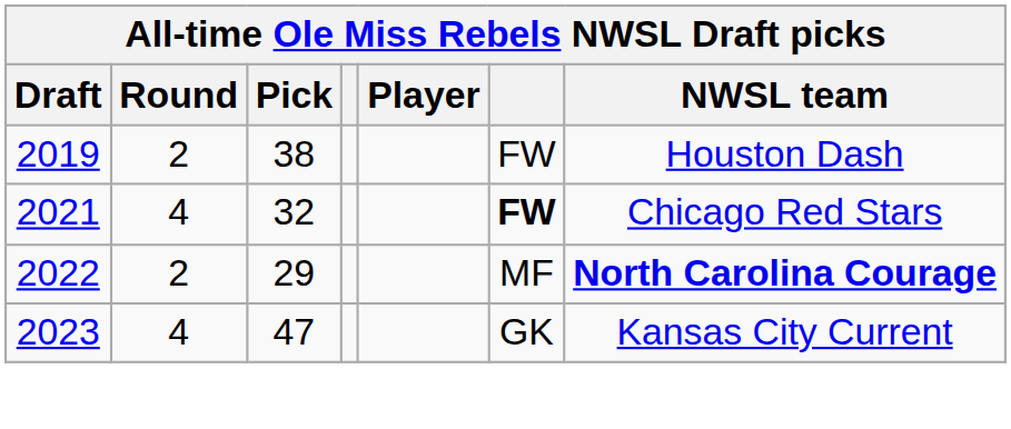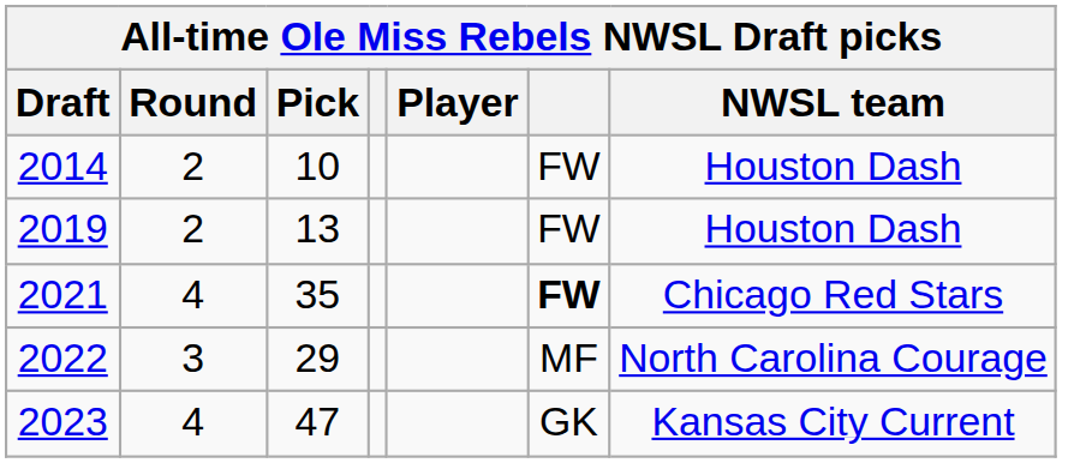 <table class="wikitable sortable" style="text-align: center;">
 <tr>
 <th colspan="7" style="background:#">All-time <a href='#'><span>Ole Miss Rebels</span></a> NWSL Draft picks</th>
 </tr>
 <tr>
 <th scope="col">Draft</th>
 <th scope="col">Round</th>
 <th scope="col">Pick</th>
 <th scope="col"></th>
 <th scope="col">Player</th>
 <th scope="col"></th>
 <th scope="col">NWSL team</th>
 </tr>
 <tr>
+<td><a href='#'>2014</a></td>
+<td>2</td>
+<td>10</td>
+<td></td>
+<td></td>
+<td>FW</td>
+<td><a href='#'>Houston Dash</a></td>
+</tr>
+<tr>
 <td><a href='#'>2019</a></td>
 <td>2</td>
-<td>38</td>
+<td>13</td>
 <td></td>
 <td></td>
 <td>FW</td>
 <td><a href='#'>Houston Dash</a></td>
 </tr>
 <tr>
 <td><a href='#'>2021</a></td>
 <td>4</td>
-<td>32</td>
+<td>35</td>
 <td></td>
 <td></td>
 <td><strong>FW</strong></td>
 <td><a href='#'>Chicago Red Stars</a></td>
 </tr>
 <tr>
 <td><a href='#'>2022</a></td>
-<td>2</td>
+<td>3</td>
 <td>29</td>
 <td></td>
 <td></td>
 <td>MF</td>
-<td><strong><a href='#'>North Carolina Courage</a></strong></td>
+<td><a href='#'>North Carolina Courage</a></td>
 </tr>
 <tr>
 <td><a href='#'>2023</a></td>
 <td>4</td>
 <td>47</td>
 <td></td>
 <td></td>
 <td>GK</td>
 <td><a href='#'>Kansas City Current</a></td>
 </tr>
 </table>
